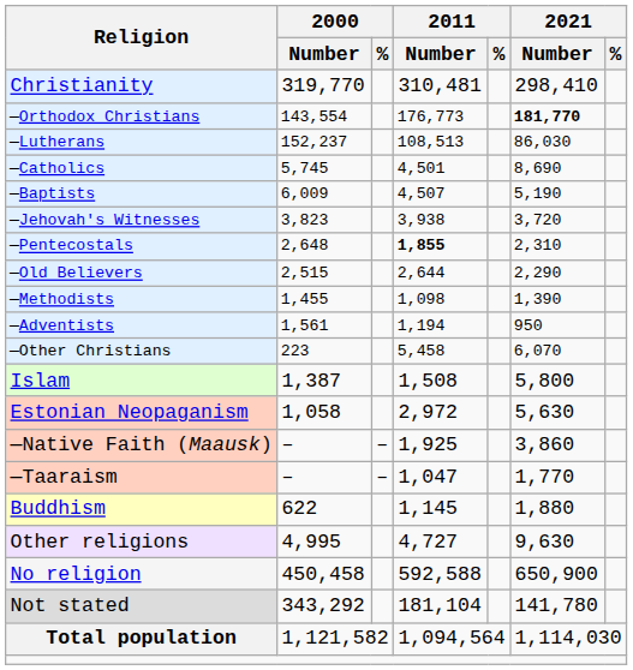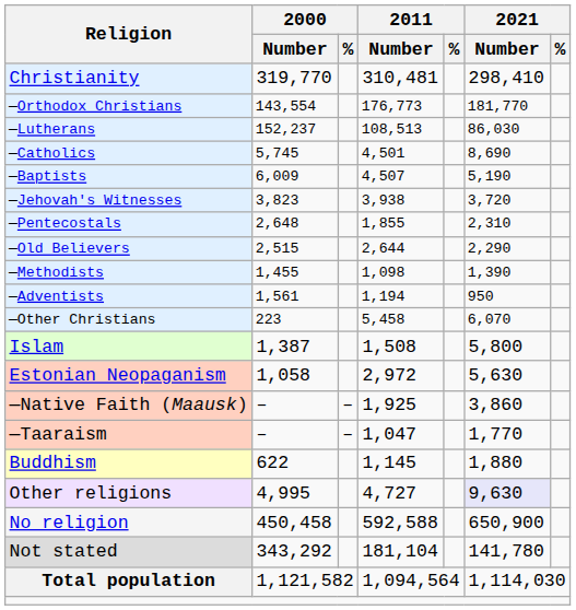 <table class="wikitable">
 <tr>
 <th rowspan="2">Religion</th>
 <th style="text-align:center;" colspan="2">2000</th>
 <th style="text-align:center;" colspan="2">2011</th>
 <th style="text-align:center;" colspan="2">2021</th>
 </tr>
 <tr>
 <th>Number</th>
 <th>%</th>
 <th>Number</th>
 <th>%</th>
 <th>Number</th>
 <th>%</th>
 </tr>
 <tr>
 <td style="background:#E0F0FF;"><a href='#'>Christianity</a></td>
 <td>319,770</td>
 <td></td>
 <td>310,481</td>
 <td></td>
 <td>298,410</td>
 <td></td>
 </tr>
 <tr style="font-size: 80%">
 <td style="background:#E0F0FF;">—<a href='#'>Orthodox Christians</a></td>
 <td>143,554</td>
 <td></td>
 <td>176,773</td>
 <td></td>
-<td><strong>181,770</strong></td>
+<td>181,770</td>
 <td></td>
 </tr>
 <tr style="font-size: 80%">
 <td style="background:#E0F0FF;">—<a href='#'>Lutherans</a></td>
 <td>152,237</td>
 <td></td>
 <td>108,513</td>
 <td></td>
 <td>86,030</td>
 <td></td>
 </tr>
 <tr style="font-size: 80%">
 <td style="background:#E0F0FF;">—<a href='#'>Catholics</a></td>
 <td>5,745</td>
 <td></td>
 <td>4,501</td>
 <td></td>
 <td>8,690</td>
 <td></td>
 </tr>
 <tr style="font-size: 80%">
 <td style="background:#E0F0FF;">—<a href='#'>Baptists</a></td>
 <td>6,009</td>
 <td></td>
 <td>4,507</td>
 <td></td>
 <td>5,190</td>
 <td></td>
 </tr>
 <tr style="font-size: 80%">
 <td style="background:#E0F0FF;">—<a href='#'>Jehovah's Witnesses</a></td>
 <td>3,823</td>
 <td></td>
 <td>3,938</td>
 <td></td>
 <td>3,720</td>
 <td></td>
 </tr>
 <tr style="font-size: 80%">
 <td style="background:#E0F0FF;">—<a href='#'>Pentecostals</a></td>
 <td>2,648</td>
 <td></td>
-<td><strong>1,855</strong></td>
+<td>1,855</td>
 <td></td>
 <td>2,310</td>
 <td></td>
 </tr>
 <tr style="font-size: 80%">
 <td style="background:#E0F0FF;">—<a href='#'>Old Believers</a></td>
 <td>2,515</td>
 <td></td>
 <td>2,644</td>
 <td></td>
 <td>2,290</td>
 <td></td>
 </tr>
 <tr style="font-size: 80%">
 <td style="background:#E0F0FF;">—<a href='#'>Methodists</a></td>
 <td>1,455</td>
 <td></td>
 <td>1,098</td>
 <td></td>
 <td>1,390</td>
 <td></td>
 </tr>
 <tr style="font-size: 80%">
 <td style="background:#E0F0FF;">—<a href='#'>Adventists</a></td>
 <td>1,561</td>
 <td></td>
 <td>1,194</td>
 <td></td>
 <td>950</td>
 <td></td>
 </tr>
 <tr style="font-size: 80%">
 <td style="background:#E0F0FF;">—Other Christians</td>
 <td>223</td>
 <td></td>
 <td>5,458</td>
 <td></td>
 <td>6,070</td>
 <td></td>
 </tr>
 <tr>
 <td style="background:#E0FFD0;"><a href='#'>Islam</a></td>
 <td>1,387</td>
 <td></td>
 <td>1,508</td>
 <td></td>
 <td>5,800</td>
 <td></td>
 </tr>
 <tr>
 <td style="background:#FFD0C0;"><a href='#'>Estonian Neopaganism</a></td>
 <td>1,058</td>
 <td></td>
 <td>2,972</td>
 <td></td>
 <td>5,630</td>
 <td></td>
 </tr>
 <tr>
 <td style="background:#FFD0C0;">—Native Faith (<em>Maausk</em>)</td>
 <td>–</td>
 <td>–</td>
 <td>1,925</td>
 <td></td>
 <td>3,860</td>
 <td></td>
 </tr>
 <tr>
 <td style="background:#FFD0C0;">—Taaraism</td>
 <td>–</td>
 <td>–</td>
 <td>1,047</td>
 <td></td>
 <td>1,770</td>
 <td></td>
 </tr>
 <tr>
 <td style="background:#FFFFC0;"><a href='#'>Buddhism</a></td>
 <td>622</td>
 <td></td>
 <td>1,145</td>
 <td></td>
 <td>1,880</td>
 <td></td>
 </tr>
 <tr>
 <td style="background:#F0E0FF;">Other religions</td>
 <td>4,995</td>
 <td></td>
 <td>4,727</td>
 <td></td>
-<td>9,630</td>
+<td style="background: lavender;">9,630</td>
 <td></td>
 </tr>
 <tr>
 <td style="background:#F5F5F5;"><a href='#'>No religion</a></td>
 <td>450,458</td>
 <td></td>
 <td>592,588</td>
 <td></td>
 <td>650,900</td>
 <td></td>
 </tr>
 <tr>
 <td style="background:#DCDCDC;">Not stated</td>
 <td>343,292</td>
 <td></td>
 <td>181,104</td>
 <td></td>
 <td>141,780</td>
 <td></td>
 </tr>
 <tr>
 <th>Total population</th>
 <td colspan="2">1,121,582</td>
 <td colspan="2">1,094,564</td>
 <td colspan="2">1,114,030</td>
 </tr>
 <tr>
 <td colspan="7"></td>
 </tr>
 </table>
